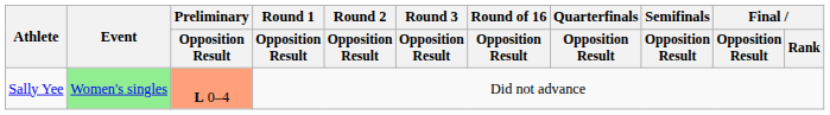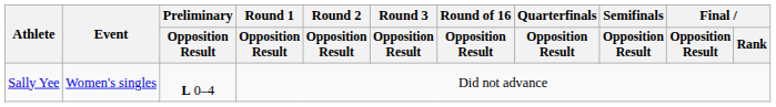 <table class="wikitable" style="font-size:90%;">
 <tr>
 <th rowspan=2>Athlete</th>
 <th rowspan=2>Event</th>
 <th>Preliminary</th>
 <th>Round 1</th>
 <th>Round 2</th>
 <th>Round 3</th>
 <th>Round of 16</th>
 <th>Quarterfinals</th>
 <th>Semifinals</th>
 <th colspan=2>Final / </th>
 </tr>
 <tr style="font-size:95%">
 <th>Opposition<br>Result</th>
 <th>Opposition<br>Result</th>
 <th>Opposition<br>Result</th>
 <th>Opposition<br>Result</th>
 <th>Opposition<br>Result</th>
 <th>Opposition<br>Result</th>
 <th>Opposition<br>Result</th>
 <th>Opposition<br>Result</th>
 <th>Rank</th>
 </tr>
 <tr align=center>
 <td align=left><a href='#'>Sally Yee</a></td>
-<td align=left style="background: lightgreen;"><a href='#'>Women's singles</a></td>
-<td style="background: lightsalmon;"><br><strong>L</strong> 0–4</td>
+<td align=left><a href='#'>Women's singles</a></td>
+<td><br><strong>L</strong> 0–4</td>
 <td colspan=8>Did not advance</td>
 </tr>
 </table>
